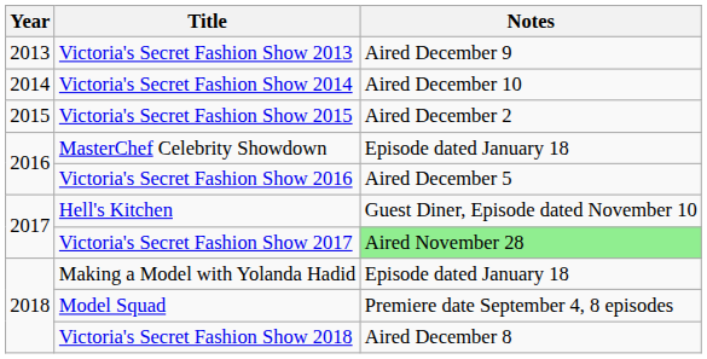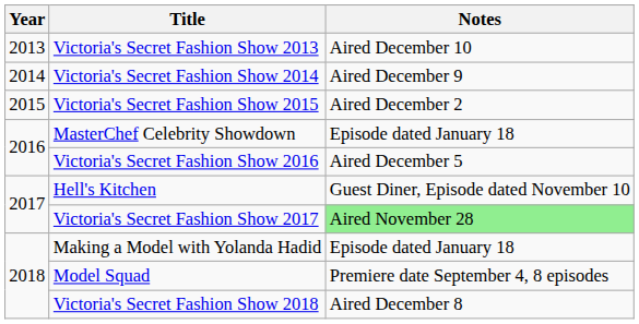 <table class="wikitable">
 <tr>
 <th>Year</th>
 <th>Title</th>
 <th>Notes</th>
 </tr>
 <tr>
 <td>2013</td>
 <td><a href='#'>Victoria's Secret Fashion Show 2013</a></td>
-<td>Aired December 9</td>
+<td>Aired December 10</td>
 </tr>
 <tr>
 <td>2014</td>
 <td><a href='#'>Victoria's Secret Fashion Show 2014</a></td>
-<td>Aired December 10</td>
+<td>Aired December 9</td>
 </tr>
 <tr>
 <td>2015</td>
 <td><a href='#'>Victoria's Secret Fashion Show 2015</a></td>
 <td>Aired December 2</td>
 </tr>
 <tr>
 <td rowspan="2">2016</td>
 <td><a href='#'>MasterChef</a> Celebrity Showdown</td>
 <td>Episode dated January 18</td>
 </tr>
 <tr>
 <td><a href='#'>Victoria's Secret Fashion Show 2016</a></td>
 <td>Aired December 5</td>
 </tr>
 <tr>
 <td rowspan="2">2017</td>
 <td><a href='#'>Hell's Kitchen</a></td>
 <td>Guest Diner, Episode dated November 10</td>
 </tr>
 <tr>
 <td><a href='#'>Victoria's Secret Fashion Show 2017</a></td>
 <td style="background: lightgreen;">Aired November 28</td>
 </tr>
 <tr>
 <td rowspan="3">2018</td>
 <td>Making a Model with Yolanda Hadid</td>
 <td>Episode dated January 18</td>
 </tr>
 <tr>
 <td><a href='#'>Model Squad</a></td>
 <td>Premiere date September 4, 8 episodes</td>
 </tr>
 <tr>
 <td><a href='#'>Victoria's Secret Fashion Show 2018</a></td>
 <td>Aired December 8</td>
 </tr>
 </table>
